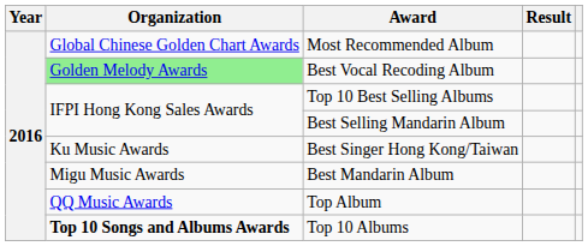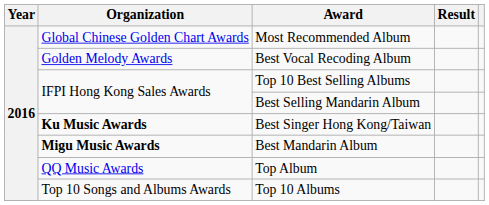 <table class="wikitable sortable plainrowheaders">
 <tr>
 <th scope="col" class="unsortable">Year</th>
 <th scope="col">Organization</th>
 <th scope="col">Award</th>
 <th>Result</th>
 <th class="unsortable"></th>
 </tr>
 <tr>
 <th scope="row" rowspan="8">2016</th>
 <td><a href='#'>Global Chinese Golden Chart Awards</a></td>
 <td>Most Recommended Album</td>
 <td></td>
 <td style="text-align:center;"></td>
 </tr>
 <tr>
-<td style="background: lightgreen;"><a href='#'>Golden Melody Awards</a></td>
+<td><a href='#'>Golden Melody Awards</a></td>
 <td>Best Vocal Recoding Album</td>
 <td></td>
 <td style="text-align:center;"></td>
 </tr>
 <tr>
 <td rowspan="2">IFPI Hong Kong Sales Awards</td>
 <td>Top 10 Best Selling Albums</td>
 <td></td>
 <td></td>
 </tr>
 <tr>
 <td>Best Selling Mandarin Album</td>
 <td></td>
 <td></td>
 </tr>
 <tr>
-<td>Ku Music Awards</td>
+<td><strong>Ku Music Awards</strong></td>
 <td>Best Singer Hong Kong/Taiwan</td>
 <td></td>
 <td></td>
 </tr>
 <tr>
-<td>Migu Music Awards</td>
+<td><strong>Migu Music Awards</strong></td>
 <td>Best Mandarin Album</td>
 <td></td>
 <td></td>
 </tr>
 <tr>
 <td><a href='#'>QQ Music Awards</a></td>
 <td>Top Album</td>
 <td></td>
 <td></td>
 </tr>
 <tr>
-<td><strong>Top 10 Songs and Albums Awards</strong></td>
+<td>Top 10 Songs and Albums Awards</td>
 <td>Top 10 Albums</td>
 <td></td>
 <td style="text-align:center;"></td>
 </tr>
 </table>
